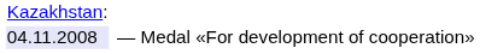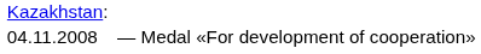 <table class="standard" style="margin-bottom: 10px;">
 <tr>
 <td><a href='#'>Kazakhstan</a>:</td>
 </tr>
 <tr>
-<td style="background: lavender;">04.11.2008</td>
+<td>04.11.2008</td>
 <td></td>
 <td>— Medal «For development of cooperation»</td>
 </tr>
 </table>
